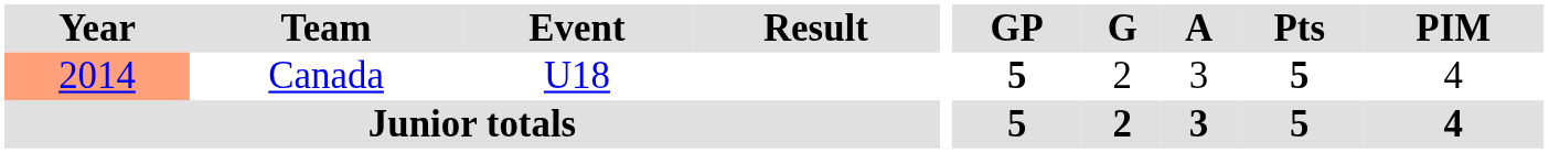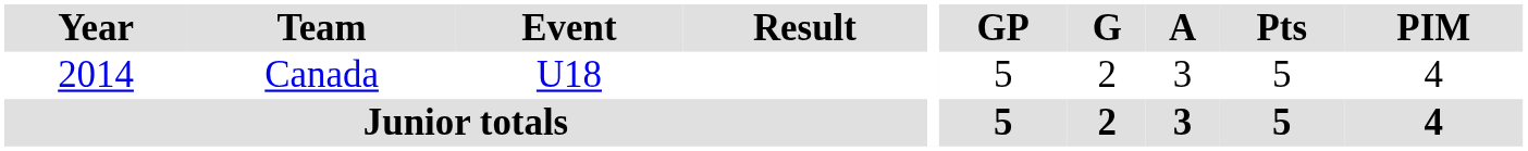 <table border="0" cellpadding="1" cellspacing="0" ID="Table3" style="text-align:center; width:40em">
 <tr ALIGN="center" bgcolor="#e0e0e0">
 <th>Year</th>
 <th>Team</th>
 <th>Event</th>
 <th>Result</th>
 <th rowspan="99" bgcolor="#ffffff"></th>
 <th>GP</th>
 <th>G</th>
 <th>A</th>
 <th>Pts</th>
 <th>PIM</th>
 </tr>
 <tr>
-<td style="background: lightsalmon;"><a href='#'>2014</a></td>
+<td><a href='#'>2014</a></td>
 <td><a href='#'>Canada</a></td>
 <td><a href='#'>U18</a></td>
 <td></td>
-<td><strong>5</strong></td>
+<td>5</td>
 <td>2</td>
 <td>3</td>
-<td><strong>5</strong></td>
+<td>5</td>
 <td>4</td>
 </tr>
 <tr bgcolor="#e0e0e0">
 <th colspan="4">Junior totals</th>
 <th>5</th>
 <th>2</th>
 <th>3</th>
 <th>5</th>
 <th>4</th>
 </tr>
 </table>
